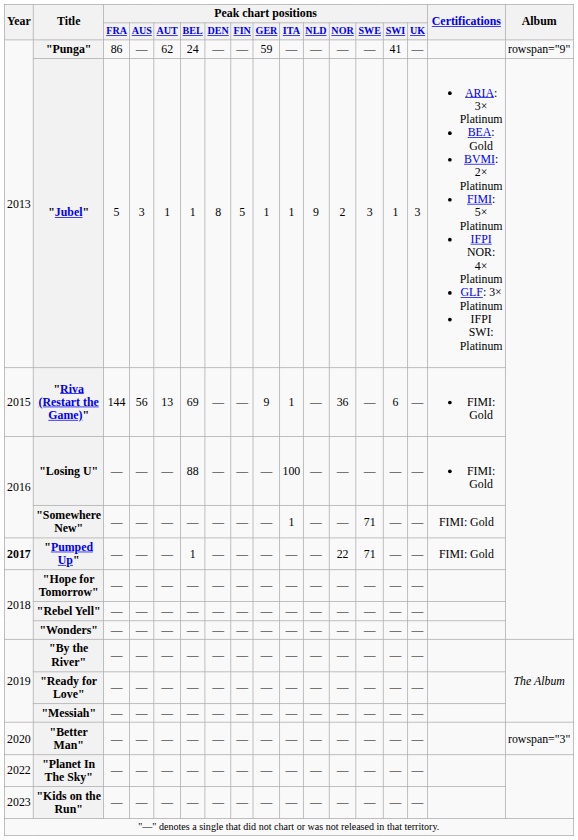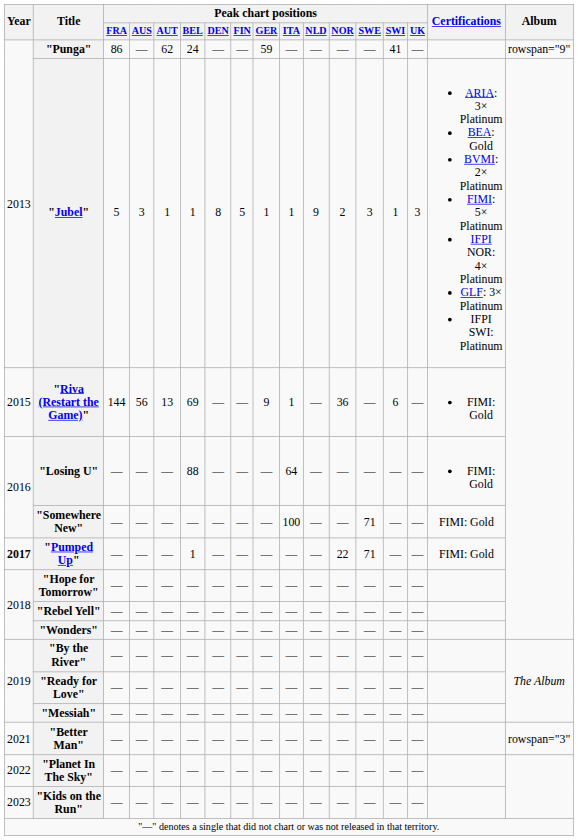 <table class="wikitable plainrowheaders" style="text-align:center;">
 <tr>
 <th scope="col" rowspan="2">Year</th>
 <th scope="col" rowspan="2" style="width:16em;">Title</th>
 <th scope="col" colspan="13">Peak chart positions</th>
 <th scope="col" rowspan="2"><a href='#'>Certifications</a></th>
 <th scope="col" rowspan="2">Album</th>
 </tr>
 <tr>
 <th scope="col" style="width:3em;font-size:85%;"><a href='#'>FRA</a><br></th>
 <th scope="col" style="width:3em;font-size:85%;"><a href='#'>AUS</a><br></th>
 <th scope="col" style="width:3em;font-size:85%;"><a href='#'>AUT</a><br></th>
 <th scope="col" style="width:3em;font-size:85%;"><a href='#'>BEL</a><br></th>
 <th scope="col" style="width:3em;font-size:85%;"><a href='#'>DEN</a><br></th>
 <th scope="col" style="width:3em;font-size:85%;"><a href='#'>FIN</a><br></th>
 <th scope="col" style="width:3em;font-size:85%;"><a href='#'>GER</a><br></th>
 <th scope="col" style="width:3em;font-size:85%;"><a href='#'>ITA</a><br></th>
 <th scope="col" style="width:3em;font-size:85%;"><a href='#'>NLD</a><br></th>
 <th scope="col" style="width:3em;font-size:85%;"><a href='#'>NOR</a><br></th>
 <th scope="col" style="width:3em;font-size:85%;"><a href='#'>SWE</a><br></th>
 <th scope="col" style="width:3em;font-size:85%;"><a href='#'>SWI</a><br></th>
 <th scope="col" style="width:3em;font-size:85%;"><a href='#'>UK</a><br></th>
 </tr>
 <tr>
 <td rowspan="2">2013</td>
 <th scope="row">"Punga"</th>
 <td>86</td>
 <td>—</td>
 <td>62</td>
 <td>24</td>
 <td>—</td>
 <td>—</td>
 <td>59</td>
 <td>—</td>
 <td>—</td>
 <td>—</td>
 <td>—</td>
 <td>41</td>
 <td>—</td>
 <td></td>
 <td>rowspan="9" </td>
 </tr>
 <tr>
 <th scope="row">"<a href='#'>Jubel</a>"</th>
 <td>5</td>
 <td>3</td>
 <td>1</td>
 <td>1</td>
 <td>8</td>
 <td>5</td>
 <td>1</td>
 <td>1</td>
 <td>9</td>
 <td>2</td>
 <td>3</td>
 <td>1</td>
 <td>3</td>
 <td><br><ul><li><a href='#'>ARIA</a>: 3× Platinum</li><li><a href='#'>BEA</a>: Gold</li><li><a href='#'>BVMI</a>: 2× Platinum</li><li><a href='#'>FIMI</a>: 5× Platinum</li><li><a href='#'>IFPI</a> NOR: 4× Platinum</li><li><a href='#'>GLF</a>: 3× Platinum</li><li>IFPI SWI: Platinum</li></ul></td>
 </tr>
 <tr>
 <td>2015</td>
 <th scope="row">"<a href='#'>Riva (Restart the Game)</a>"</th>
 <td>144</td>
 <td>56</td>
 <td>13</td>
 <td>69</td>
 <td>—</td>
 <td>—</td>
 <td>9</td>
 <td>1</td>
 <td>—</td>
 <td>36</td>
 <td>—</td>
 <td>6</td>
 <td>—</td>
 <td><br><ul><li>FIMI: Gold</li></ul></td>
 </tr>
 <tr>
 <td rowspan="2">2016</td>
 <th scope="row">"Losing U"</th>
 <td>—</td>
 <td>—</td>
 <td>—</td>
 <td>88</td>
 <td>—</td>
 <td>—</td>
 <td>—</td>
-<td>100<br></td>
+<td>64</td>
 <td>—</td>
 <td>—</td>
 <td>—</td>
 <td>—</td>
 <td>—</td>
 <td><br><ul><li>FIMI: Gold</li></ul></td>
 </tr>
 <tr>
 <th scope="row">"Somewhere New" <br></th>
 <td>—</td>
 <td>—</td>
 <td>—</td>
 <td>—</td>
 <td>—</td>
 <td>—</td>
 <td>—</td>
-<td>1</td>
+<td>100<br></td>
 <td>—</td>
 <td>—</td>
 <td>71<br></td>
 <td>—</td>
 <td>—</td>
 <td>FIMI: Gold</td>
 </tr>
 <tr>
 <td><strong>2017</strong></td>
 <th scope="row">"<a href='#'>Pumped Up</a>"</th>
 <td>—</td>
 <td>—</td>
 <td>—</td>
 <td>1</td>
 <td>—</td>
 <td>—</td>
 <td>—</td>
 <td>—</td>
 <td>—</td>
 <td>22<br></td>
 <td>71<br></td>
 <td>—</td>
 <td>—</td>
 <td>FIMI: Gold</td>
 </tr>
 <tr>
 <td rowspan="3">2018</td>
 <th scope="row">"Hope for Tomorrow"<br></th>
 <td>—</td>
 <td>—</td>
 <td>—</td>
 <td>—</td>
 <td>—</td>
 <td>—</td>
 <td>—</td>
 <td>—</td>
 <td>—</td>
 <td>—</td>
 <td>—</td>
 <td>—</td>
 <td>—</td>
 <td></td>
 </tr>
 <tr>
 <th scope="row">"Rebel Yell"<br></th>
 <td>—</td>
 <td>—</td>
 <td>—</td>
 <td>—</td>
 <td>—</td>
 <td>—</td>
 <td>—</td>
 <td>—</td>
 <td>—</td>
 <td>—</td>
 <td>—</td>
 <td>—</td>
 <td>—</td>
 <td></td>
 </tr>
 <tr>
 <th scope="row">"Wonders"<br></th>
 <td>—</td>
 <td>—</td>
 <td>—</td>
 <td>—</td>
 <td>—</td>
 <td>—</td>
 <td>—</td>
 <td>—</td>
 <td>—</td>
 <td>—</td>
 <td>—</td>
 <td>—</td>
 <td>—</td>
 <td></td>
 </tr>
 <tr>
 <td rowspan="3">2019</td>
 <th scope="row">"By the River"<br></th>
 <td>—</td>
 <td>—</td>
 <td>—</td>
 <td>—</td>
 <td>—</td>
 <td>—</td>
 <td>—</td>
 <td>—</td>
 <td>—</td>
 <td>—</td>
 <td>—</td>
 <td>—</td>
 <td>—</td>
 <td></td>
 <td rowspan="3"><em>The Album</em></td>
 </tr>
 <tr>
 <th scope="row">"Ready for Love" <br></th>
 <td>—</td>
 <td>—</td>
 <td>—</td>
 <td>—</td>
 <td>—</td>
 <td>—</td>
 <td>—</td>
 <td>—</td>
 <td>—</td>
 <td>—</td>
 <td>—</td>
 <td>—</td>
 <td>—</td>
 <td></td>
 </tr>
 <tr>
 <th scope="row">"Messiah" <br></th>
 <td>—</td>
 <td>—</td>
 <td>—</td>
 <td>—</td>
 <td>—</td>
 <td>—</td>
 <td>—</td>
 <td>—</td>
 <td>—</td>
 <td>—</td>
 <td>—</td>
 <td>—</td>
 <td>—</td>
 <td></td>
 </tr>
 <tr>
-<td>2020</td>
+<td>2021</td>
 <th scope="row">"Better Man" <br></th>
 <td>—</td>
 <td>—</td>
 <td>—</td>
 <td>—</td>
 <td>—</td>
 <td>—</td>
 <td>—</td>
 <td>—</td>
 <td>—</td>
 <td>—</td>
 <td>—</td>
 <td>—</td>
 <td>—</td>
 <td></td>
 <td>rowspan="3" </td>
 </tr>
 <tr>
 <td>2022</td>
 <th scope="row">"Planet In The Sky" <br></th>
 <td>—</td>
 <td>—</td>
 <td>—</td>
 <td>—</td>
 <td>—</td>
 <td>—</td>
 <td>—</td>
 <td>—</td>
 <td>—</td>
 <td>—</td>
 <td>—</td>
 <td>—</td>
 <td>—</td>
 <td></td>
 </tr>
 <tr>
 <td>2023</td>
 <th scope="row">"Kids on the Run"<br></th>
 <td>—</td>
 <td>—</td>
 <td>—</td>
 <td>—</td>
 <td>—</td>
 <td>—</td>
 <td>—</td>
 <td>—</td>
 <td>—</td>
 <td>—</td>
 <td>—</td>
 <td>—</td>
 <td>—</td>
 <td></td>
 </tr>
 <tr>
 <td colspan="17" style="font-size:85%">"—" denotes a single that did not chart or was not released in that territory.</td>
 </tr>
 </table>
